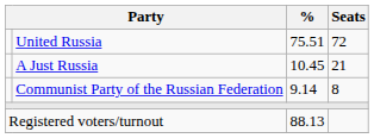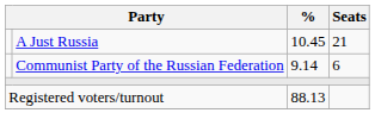 <table class="wikitable">
 <tr>
 <th colspan=2>Party</th>
 <th>%</th>
 <th>Seats</th>
-</tr>
-<tr>
-<td style="background:"></td>
-<td><a href='#'>United Russia</a></td>
-<td>75.51</td>
-<td>72</td>
 </tr>
 <tr>
 <td style="background:"></td>
 <td><a href='#'>A Just Russia</a></td>
 <td>10.45</td>
 <td>21</td>
 </tr>
 <tr>
 <td style="background:"></td>
 <td><a href='#'>Communist Party of the Russian Federation</a></td>
 <td>9.14</td>
-<td>8</td>
+<td>6</td>
 </tr>
 <tr>
 <td colspan=4 style="background:#E9E9E9;"></td>
 </tr>
 <tr>
 <td align=left colspan=2>Registered voters/turnout</td>
 <td>88.13</td>
 <td></td>
 </tr>
 <tr>
 </tr>
 </table>
